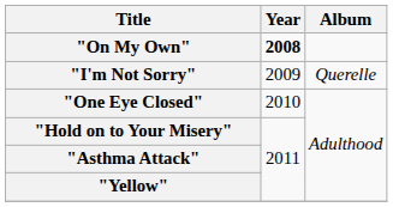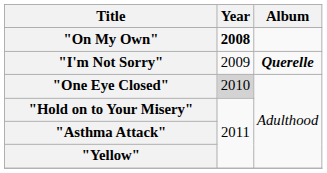 <table class="wikitable plainrowheaders" style="text-align:center;" border="1">
 <tr>
 <th scope="col" style="width:14em;">Title</th>
 <th scope="col">Year</th>
 <th scope="col">Album</th>
 </tr>
 <tr>
 <th scope="row">"On My Own"</th>
 <td><strong>2008</strong></td>
 <td></td>
 </tr>
 <tr>
 <th scope="row">"I'm Not Sorry"</th>
 <td>2009</td>
-<td><em>Querelle</em></td>
+<td><strong><em>Querelle</em></strong></td>
 </tr>
 <tr>
 <th scope="row">"One Eye Closed"</th>
-<td>2010</td>
+<td style="background: lightgrey;">2010</td>
 <td rowspan="4"><em>Adulthood</em></td>
 </tr>
 <tr>
 <th scope="row">"Hold on to Your Misery"</th>
 <td rowspan="3">2011</td>
 </tr>
 <tr>
 <th scope="row">"Asthma Attack"</th>
 </tr>
 <tr>
 <th scope="row">"Yellow"</th>
 </tr>
 <tr>
 </tr>
 </table>
